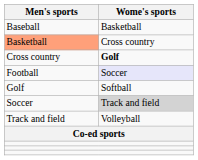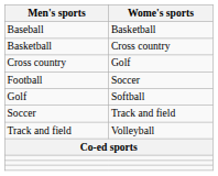 <table class="wikitable"; style= "text-align: ">
 <tr>
 <th width=150px>Men's sports</th>
 <th width=150px>Wome's sports</th>
 </tr>
 <tr>
 <td>Baseball</td>
 <td>Basketball</td>
 </tr>
 <tr>
-<td style="background: lightsalmon;">Basketball</td>
+<td>Basketball</td>
 <td>Cross country</td>
 </tr>
 <tr>
 <td>Cross country</td>
-<td><strong>Golf</strong></td>
+<td>Golf</td>
 </tr>
 <tr>
 <td>Football</td>
-<td style="background: lavender;">Soccer</td>
+<td>Soccer</td>
 </tr>
 <tr>
 <td>Golf</td>
 <td>Softball</td>
 </tr>
 <tr>
 <td>Soccer</td>
-<td style="background: lightgrey;">Track and field</td>
+<td>Track and field</td>
 </tr>
 <tr>
 <td>Track and field</td>
 <td>Volleyball</td>
 </tr>
 <tr>
 <th colspan=2>Co-ed sports</th>
 </tr>
 <tr>
 <td colspan=2></td>
 </tr>
 <tr>
 <td colspan=2></td>
 </tr>
 <tr>
 <td colspan=2></td>
 </tr>
 </table>
